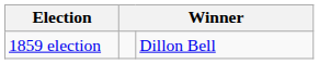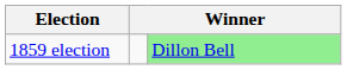 <table class=wikitable>
 <tr>
 <th width=100>Election</th>
 <th width=175 colspan=2>Winner</th>
 </tr>
 <tr>
 <td><a href='#'>1859 election</a></td>
 <td></td>
-<td><a href='#'>Dillon Bell</a></td>
+<td style="background: lightgreen;"><a href='#'>Dillon Bell</a></td>
 </tr>
 </table>
